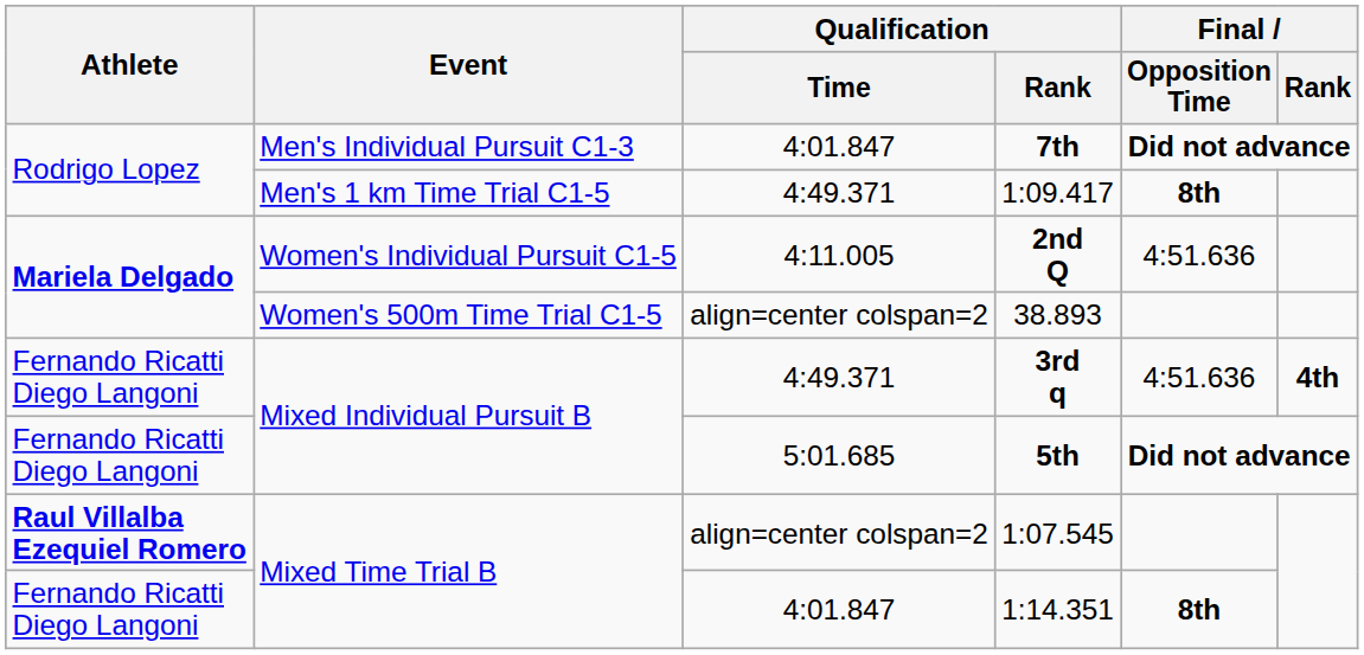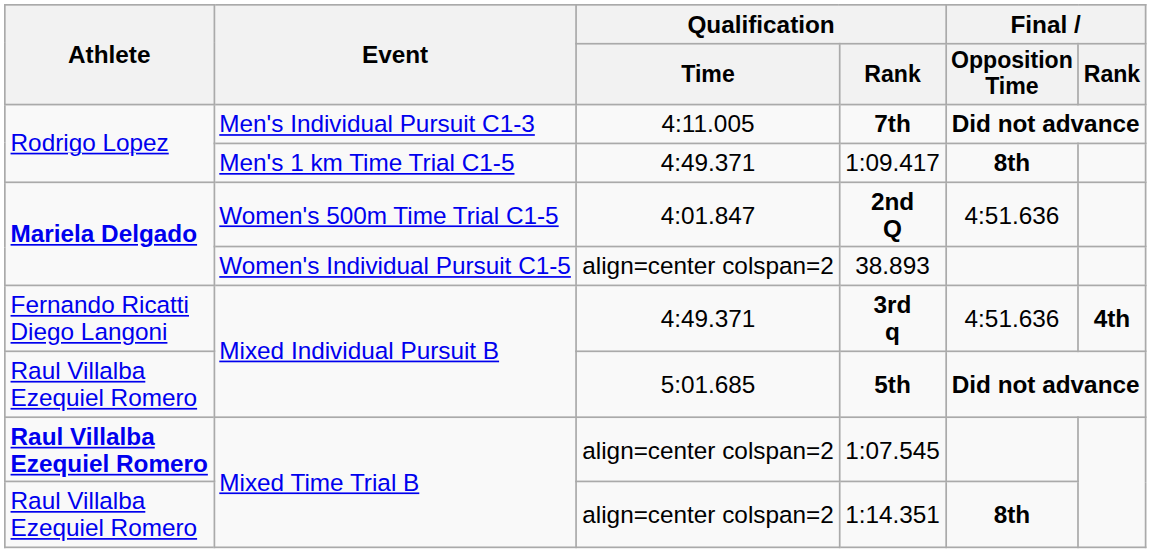 <table class="wikitable" style="font-size:90%">
 <tr>
 <th rowspan=2>Athlete</th>
 <th rowspan=2>Event</th>
 <th colspan=2>Qualification</th>
 <th colspan=2>Final / </th>
 </tr>
 <tr style="font-size:95%">
 <th>Time</th>
 <th>Rank</th>
 <th>Opposition<br>Time</th>
 <th>Rank</th>
 </tr>
 <tr align=center>
 <td align=left rowspan=2><a href='#'>Rodrigo Lopez</a></td>
 <td align=left><a href='#'>Men's Individual Pursuit C1-3</a></td>
-<td>4:01.847</td>
+<td>4:11.005</td>
 <td><strong>7th</strong></td>
 <td colspan=2><strong>Did not advance</strong></td>
 </tr>
 <tr align=center>
 <td align=left><a href='#'>Men's 1 km Time Trial C1-5</a></td>
 <td>4:49.371</td>
 <td>1:09.417</td>
 <td><strong>8th</strong></td>
 </tr>
 <tr align=center>
 <td align=left rowspan=2><strong><a href='#'>Mariela Delgado</a></strong></td>
-<td align=left><a href='#'>Women's Individual Pursuit C1-5</a></td>
-<td>4:11.005</td>
+<td align=left><a href='#'>Women's 500m Time Trial C1-5</a></td>
+<td>4:01.847</td>
 <td><strong>2nd</strong><br><strong>Q</strong></td>
 <td>4:51.636</td>
 <td></td>
 </tr>
 <tr align=center>
-<td align=left><a href='#'>Women's 500m Time Trial C1-5</a></td>
+<td align=left><a href='#'>Women's Individual Pursuit C1-5</a></td>
 <td>align=center colspan=2 </td>
 <td>38.893</td>
 <td></td>
 </tr>
 <tr align=center>
 <td align=left><a href='#'>Fernando Ricatti</a><br><a href='#'>Diego Langoni</a></td>
 <td align=left rowspan=2><a href='#'>Mixed Individual Pursuit B</a></td>
 <td>4:49.371</td>
 <td><strong>3rd</strong><br><strong>q</strong></td>
 <td>4:51.636</td>
 <td><strong>4th</strong></td>
 </tr>
 <tr align=center>
-<td align=left><a href='#'>Fernando Ricatti</a><br><a href='#'>Diego Langoni</a></td>
+<td align=left><a href='#'>Raul Villalba</a><br><a href='#'>Ezequiel Romero</a></td>
 <td>5:01.685</td>
 <td><strong>5th</strong></td>
 <td colspan=2><strong>Did not advance</strong></td>
 </tr>
 <tr align=center>
 <td align=left><strong><a href='#'>Raul Villalba</a><br><a href='#'>Ezequiel Romero</a></strong></td>
 <td align=left rowspan=2><a href='#'>Mixed Time Trial B</a></td>
 <td>align=center colspan=2 </td>
 <td>1:07.545</td>
 <td></td>
 </tr>
 <tr align=center>
-<td align=left><a href='#'>Fernando Ricatti</a><br><a href='#'>Diego Langoni</a></td>
-<td>4:01.847</td>
+<td align=left><a href='#'>Raul Villalba</a><br><a href='#'>Ezequiel Romero</a></td>
+<td>align=center colspan=2 </td>
 <td>1:14.351</td>
 <td><strong>8th</strong></td>
 </tr>
 </table>
